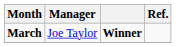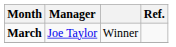 <table class="wikitable" style="text-align:left">
 <tr>
 <th>Month</th>
 <th>Manager</th>
 <th></th>
 <th>Ref.</th>
 </tr>
 <tr>
 <td align="center"><strong>March</strong></td>
 <td> <a href='#'>Joe Taylor</a></td>
-<td><strong>Winner</strong></td>
+<td>Winner</td>
 <td align="center"></td>
 </tr>
 <tr>
 </tr>
 </table>
